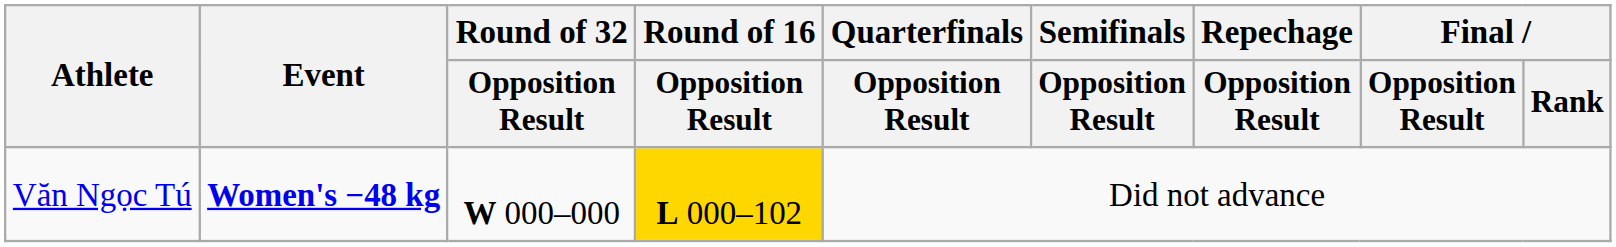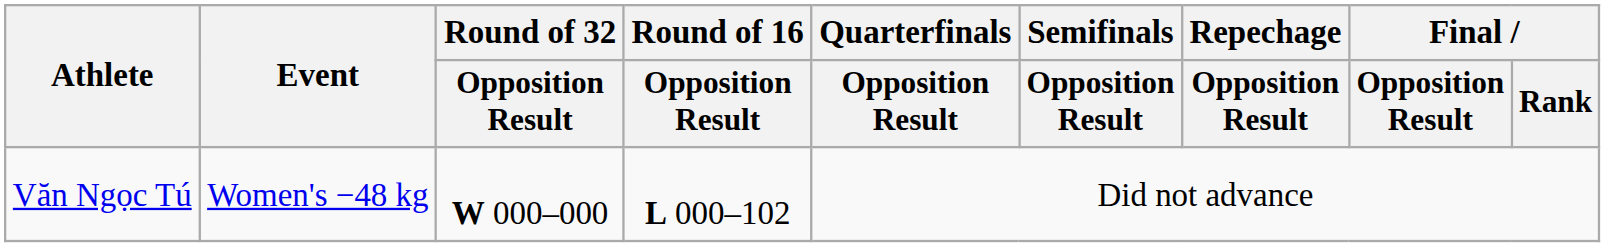 <table class="wikitable" style="font-size:90%">
 <tr>
 <th rowspan="2">Athlete</th>
 <th rowspan="2">Event</th>
 <th>Round of 32</th>
 <th>Round of 16</th>
 <th>Quarterfinals</th>
 <th>Semifinals</th>
 <th>Repechage</th>
 <th colspan="2">Final / </th>
 </tr>
 <tr style="font-size:95%">
 <th>Opposition <br> Result</th>
 <th>Opposition <br> Result</th>
 <th>Opposition <br> Result</th>
 <th>Opposition <br> Result</th>
 <th>Opposition <br> Result</th>
 <th>Opposition <br> Result</th>
 <th>Rank</th>
 </tr>
 <tr align="center">
 <td align="left"><a href='#'>Văn Ngọc Tú</a></td>
-<td align="left"><strong><a href='#'>Women's −48 kg</a></strong></td>
+<td align="left"><a href='#'>Women's −48 kg</a></td>
 <td> <br> <strong>W</strong> 000–000 </td>
-<td style="background: gold;"> <br> <strong>L</strong> 000–102</td>
+<td> <br> <strong>L</strong> 000–102</td>
 <td colspan="5">Did not advance</td>
 </tr>
 </table>
